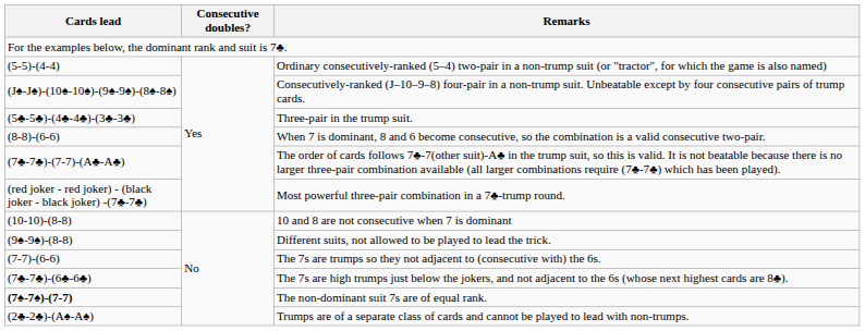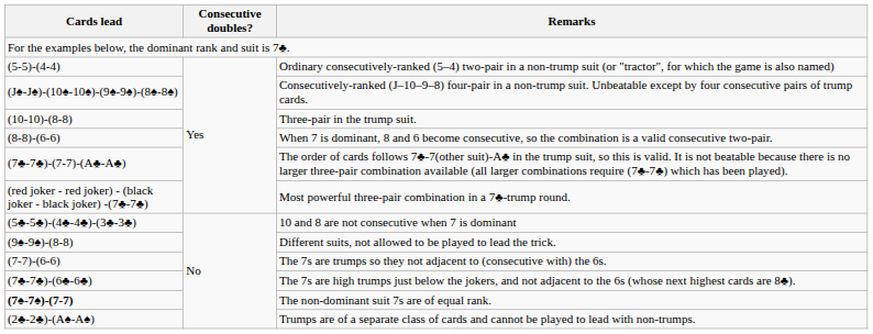 <table class="wikitable" width="90%">
 <tr>
 <th>Cards lead</th>
 <th>Consecutive doubles?</th>
 <th>Remarks</th>
 </tr>
 <tr>
 <td colspan=3>For the examples below, the dominant rank and suit is 7♣.</td>
 </tr>
 <tr>
 <td>(5-5)-(4-4)</td>
 <td rowspan=6>Yes</td>
 <td>Ordinary consecutively-ranked (5–4) two-pair in a non-trump suit (or "tractor", for which the game is also named)</td>
 </tr>
 <tr>
 <td>(J♠-J♠)-(10♠-10♠)-(9♠-9♠)-(8♠-8♠)</td>
 <td>Consecutively-ranked (J–10–9–8) four-pair in a non-trump suit. Unbeatable except by four consecutive pairs of trump cards.</td>
 </tr>
 <tr>
-<td>(5♣-5♣)-(4♣-4♣)-(3♣-3♣)</td>
+<td>(10-10)-(8-8)</td>
 <td>Three-pair in the trump suit.</td>
 </tr>
 <tr>
 <td>(8-8)-(6-6)</td>
 <td>When 7 is dominant, 8 and 6 become consecutive, so the combination is a valid consecutive two-pair.</td>
 </tr>
 <tr>
 <td>(7♣-7♣)-(7-7)-(A♣-A♣)</td>
 <td>The order of cards follows 7♣-7(other suit)-A♣ in the trump suit, so this is valid. It is not beatable because there is no larger three-pair combination available (all larger combinations require (7♣-7♣) which has been played).</td>
 </tr>
 <tr>
 <td>(<span>red</span> joker - <span>red</span> joker) - (black joker - black joker) -(7♣-7♣)</td>
 <td>Most powerful three-pair combination in a 7♣-trump round.</td>
 </tr>
 <tr>
-<td>(10-10)-(8-8)</td>
+<td>(5♣-5♣)-(4♣-4♣)-(3♣-3♣)</td>
 <td rowspan=6>No</td>
 <td>10 and 8 are not consecutive when 7 is dominant</td>
 </tr>
 <tr>
 <td>(9♠-9♠)-(8-8)</td>
 <td>Different suits, not allowed to be played to lead the trick.</td>
 </tr>
 <tr>
 <td>(7-7)-(6-6)</td>
 <td>The 7s are trumps so they not adjacent to (consecutive with) the 6s.</td>
 </tr>
 <tr>
 <td>(7♣-7♣)-(6♣-6♣)</td>
 <td>The 7s are high trumps just below the jokers, and not adjacent to the 6s (whose next highest cards are 8♣).</td>
 </tr>
 <tr>
 <td><strong>(7♠-7♠)-(7-7)</strong></td>
 <td>The non-dominant suit 7s are of equal rank.</td>
 </tr>
 <tr>
 <td>(2♣-2♣)-(A♠-A♠)</td>
 <td>Trumps are of a separate class of cards and cannot be played to lead with non-trumps.</td>
 </tr>
 </table>
